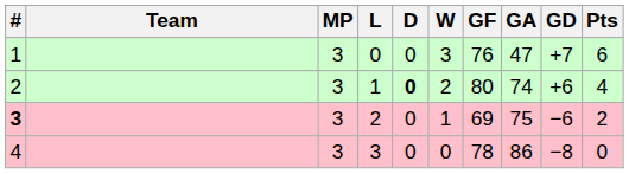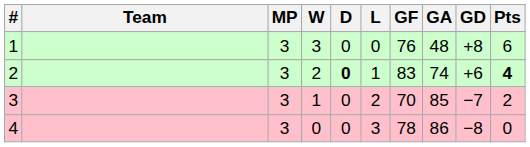 <table class=wikitable style="text-align:center">
 <tr>
 <th>#</th>
 <th width=220>Team</th>
 <th width=20>MP</th>
+<th width=20>W</th>
+<th width=20>D</th>
 <th width=20>L</th>
-<th width=20>D</th>
-<th width=20>W</th>
 <th width=20>GF</th>
 <th width=20>GA</th>
 <th width=20>GD</th>
 <th width=20>Pts</th>
 </tr>
 <tr align="center" valign="top" style="background: #CCFFCC">
 <td>1</td>
 <td align=left></td>
 <td>3</td>
+<td>3</td>
 <td>0</td>
 <td>0</td>
-<td>3</td>
 <td>76</td>
-<td>47</td>
-<td>+7</td>
+<td>48</td>
+<td>+8</td>
 <td>6</td>
 </tr>
 <tr align="center" valign="top" style="background: #CCFFCC">
 <td>2</td>
 <td align=left></td>
 <td>3</td>
+<td>2</td>
+<td><strong>0</strong></td>
 <td>1</td>
-<td><strong>0</strong></td>
-<td>2</td>
-<td>80</td>
+<td>83</td>
 <td>74</td>
 <td>+6</td>
-<td>4</td>
+<td><strong>4</strong></td>
 </tr>
 <tr align="center" valign="top" style="background: pink">
-<td><strong>3</strong></td>
+<td>3</td>
 <td align=left></td>
 <td>3</td>
+<td>1</td>
+<td>0</td>
 <td>2</td>
-<td>0</td>
-<td>1</td>
-<td>69</td>
-<td>75</td>
-<td>−6</td>
+<td>70</td>
+<td>85</td>
+<td>−7</td>
 <td>2</td>
 </tr>
 <tr align="center" valign="top" style="background: pink">
 <td>4</td>
 <td align=left></td>
 <td>3</td>
-<td>3</td>
 <td>0</td>
 <td>0</td>
+<td>3</td>
 <td>78</td>
 <td>86</td>
 <td>−8</td>
 <td>0</td>
 </tr>
 </table>
